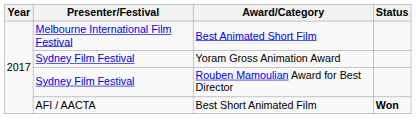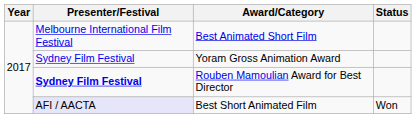 <table class="wikitable">
 <tr>
 <th>Year</th>
 <th>Presenter/Festival</th>
 <th>Award/Category</th>
 <th>Status</th>
 </tr>
 <tr>
 <td rowspan="11">2017</td>
 <td><a href='#'>Melbourne International Film Festival</a></td>
 <td><a href='#'>Best Animated Short Film</a></td>
 <td></td>
 </tr>
 <tr>
 <td><a href='#'>Sydney Film Festival</a></td>
 <td>Yoram Gross Animation Award</td>
 <td></td>
 </tr>
 <tr>
-<td><a href='#'>Sydney Film Festival</a></td>
+<td><strong><a href='#'>Sydney Film Festival</a></strong></td>
 <td><a href='#'>Rouben Mamoulian</a> Award for Best Director</td>
 <td></td>
 </tr>
 <tr>
-<td>AFI / AACTA</td>
+<td style="background: lavender;">AFI / AACTA</td>
 <td>Best Short Animated Film</td>
-<td><strong>Won</strong></td>
+<td>Won</td>
 </tr>
 </table>
